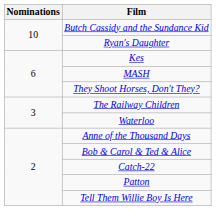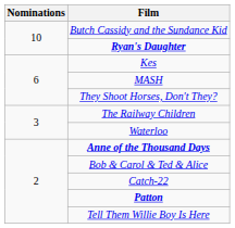 <table class="wikitable" style="text-align:center;">
 <tr>
 <th style="background:">Nominations</th>
 <th style="background:">Film</th>
 </tr>
 <tr>
 <td rowspan="2">10</td>
 <td><em><a href='#'>Butch Cassidy and the Sundance Kid</a></em></td>
 </tr>
 <tr>
-<td><em><a href='#'>Ryan's Daughter</a></em></td>
+<td><strong><em><a href='#'>Ryan's Daughter</a></em></strong></td>
 </tr>
 <tr>
 <td rowspan="3">6</td>
 <td><em><a href='#'>Kes</a></em></td>
 </tr>
 <tr>
 <td><em><a href='#'>MASH</a></em></td>
 </tr>
 <tr>
 <td><em><a href='#'>They Shoot Horses, Don't They?</a></em></td>
 </tr>
 <tr>
 <td rowspan="2">3</td>
 <td><em><a href='#'>The Railway Children</a></em></td>
 </tr>
 <tr>
 <td><em><a href='#'>Waterloo</a></em></td>
 </tr>
 <tr>
 <td rowspan="5">2</td>
-<td><em><a href='#'>Anne of the Thousand Days</a></em></td>
+<td><strong><em><a href='#'>Anne of the Thousand Days</a></em></strong></td>
 </tr>
 <tr>
 <td><em><a href='#'>Bob & Carol & Ted & Alice</a></em></td>
 </tr>
 <tr>
 <td><em><a href='#'>Catch-22</a></em></td>
 </tr>
 <tr>
-<td><em><a href='#'>Patton</a></em></td>
+<td><strong><em><a href='#'>Patton</a></em></strong></td>
 </tr>
 <tr>
 <td><em><a href='#'>Tell Them Willie Boy Is Here</a></em></td>
 </tr>
 </table>
